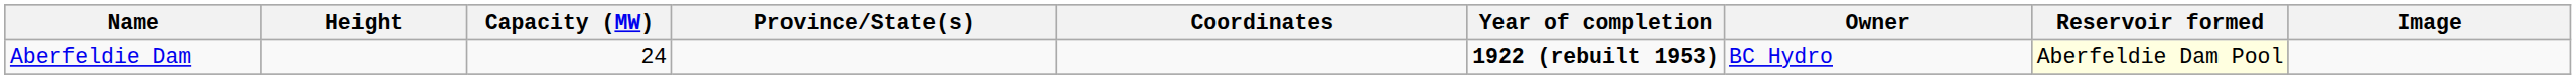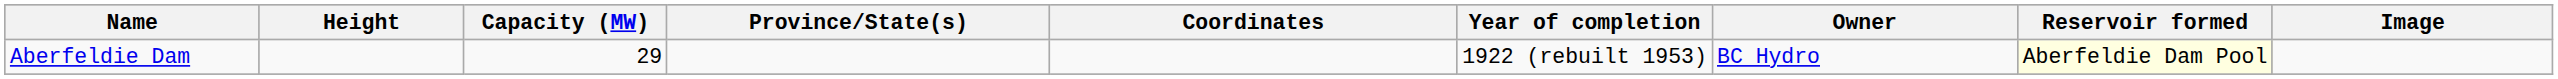 <table class="wikitable sortable" border="1">
 <tr>
 <th width="10%">Name</th>
 <th width="8%">Height</th>
 <th width="8%">Capacity (<a href='#'>MW</a>)</th>
 <th width="15%">Province/State(s)</th>
 <th width="16%">Coordinates</th>
 <th width="10%">Year of completion</th>
 <th width="12%">Owner</th>
 <th width="10%">Reservoir formed</th>
 <th>Image</th>
 </tr>
 <tr>
 <td><a href='#'>Aberfeldie Dam</a></td>
 <td></td>
-<td align="right">24</td>
+<td align="right">29</td>
 <td></td>
 <td></td>
-<td><strong>1922 (rebuilt 1953)</strong></td>
+<td>1922 (rebuilt 1953)</td>
 <td><a href='#'>BC Hydro</a></td>
 <td style="background: lightyellow;">Aberfeldie Dam Pool</td>
 <td></td>
 </tr>
 </table>
